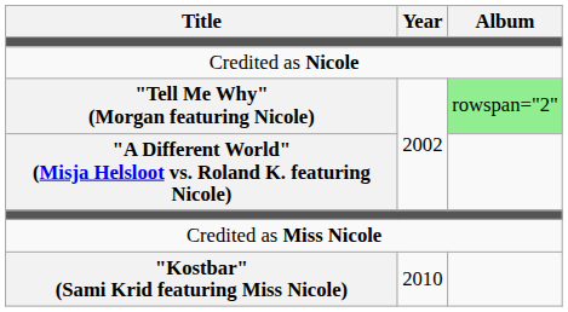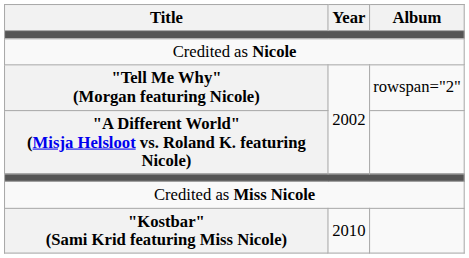 <table class="wikitable plainrowheaders" style="text-align:center;">
 <tr>
 <th scope="col" rowspan="1" style="width:19em;">Title</th>
 <th scope="col" rowspan="1" style="width:1em;">Year</th>
 <th scope="col" rowspan="1">Album</th>
 </tr>
 <tr>
 <td colspan="5" style="background:#555;"></td>
 </tr>
 <tr>
 <td colspan="5">Credited as <strong>Nicole</strong></td>
 </tr>
 <tr>
 <th scope="row">"Tell Me Why"<br><span>(Morgan featuring Nicole)</span></th>
 <td rowspan="2">2002</td>
-<td style="background: lightgreen;">rowspan="2" </td>
+<td>rowspan="2" </td>
 </tr>
 <tr>
 <th scope="row">"A Different World"<br><span>(<a href='#'>Misja Helsloot</a> vs. Roland K. featuring Nicole)</span></th>
 </tr>
 <tr>
 <td colspan="5" style="background:#555;"></td>
 </tr>
 <tr>
 <td colspan="5">Credited as <strong>Miss Nicole</strong></td>
 </tr>
 <tr>
 <th scope="row">"Kostbar"<br><span>(Sami Krid featuring Miss Nicole)</span></th>
 <td>2010</td>
 <td></td>
 </tr>
 </table>
